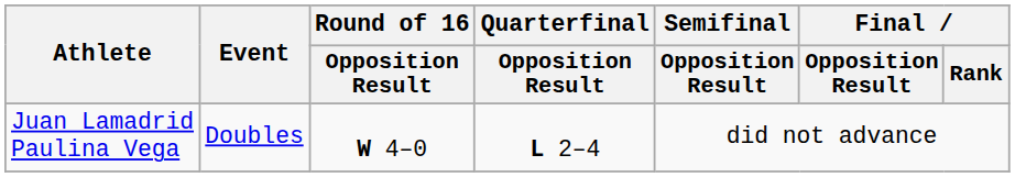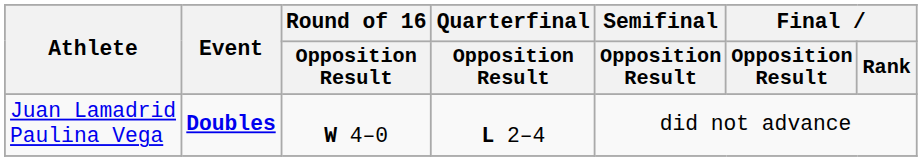 <table class=wikitable style=font-size:90%;text-align:center>
 <tr>
 <th rowspan=2>Athlete</th>
 <th rowspan=2>Event</th>
 <th>Round of 16</th>
 <th>Quarterfinal</th>
 <th>Semifinal</th>
 <th colspan=2>Final / </th>
 </tr>
 <tr style=font-size:95%>
 <th>Opposition<br>Result</th>
 <th>Opposition<br>Result</th>
 <th>Opposition<br>Result</th>
 <th>Opposition<br>Result</th>
 <th>Rank</th>
 </tr>
 <tr>
 <td align=left><a href='#'>Juan Lamadrid</a><br><a href='#'>Paulina Vega</a></td>
-<td align=left><a href='#'>Doubles</a></td>
+<td align=left><strong><a href='#'>Doubles</a></strong></td>
 <td><br><strong>W</strong> 4–0</td>
 <td><br><strong>L</strong> 2–4</td>
 <td colspan=3>did not advance</td>
 </tr>
 </table>
